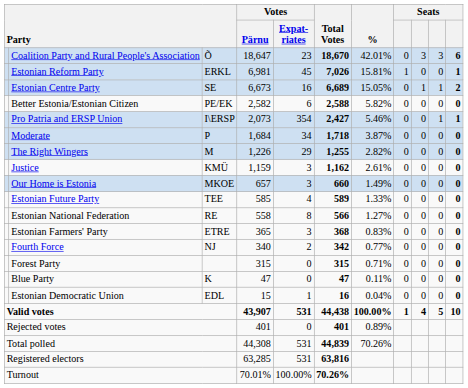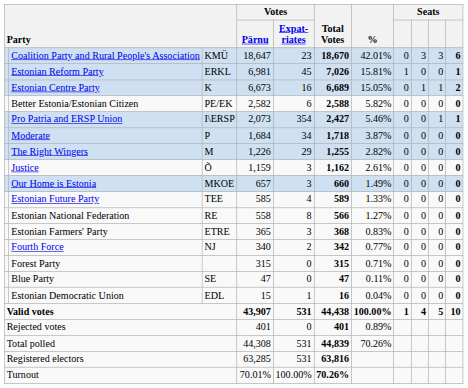 <table class="wikitable" border="1" style="text-align:right;">
 <tr>
 <th style="text-align:left;" valign=bottom rowspan=2 colspan=3>Party</th>
 <th colspan=2>Votes</th>
 <th align=center valign=bottom rowspan=2 width="50">Total Votes</th>
 <th align=center valign=bottom rowspan=2 width="50">%</th>
 <th colspan=4>Seats</th>
 </tr>
 <tr>
 <th align=center valign=bottom width="50"><a href='#'>Pärnu</a></th>
 <th align=center valign=bottom width="50"><a href='#'>Expat- riates</a></th>
 <th align=center valign=bottom width="20"><small></small></th>
 <th align=center valign=bottom width="20"><small></small></th>
 <th align=center valign=bottom width="20"><small></small></th>
 <th align=center valign=bottom width="20"><small></small></th>
 </tr>
 <tr style="background:#CEE0F2;">
 <td style="background:"></td>
 <td align=left><a href='#'>Coalition Party and Rural People's Association</a></td>
-<td align=left>Õ</td>
+<td align=left>KMÜ</td>
 <td>18,647</td>
 <td>23</td>
 <td><strong>18,670</strong></td>
 <td>42.01%</td>
 <td>0</td>
 <td>3</td>
 <td>3</td>
 <td><strong>6</strong></td>
 </tr>
 <tr style="background:#CEE0F2;">
 <td style="background:"></td>
 <td align=left><a href='#'>Estonian Reform Party</a></td>
 <td align=left>ERKL</td>
 <td>6,981</td>
 <td>45</td>
 <td><strong>7,026</strong></td>
 <td>15.81%</td>
 <td>1</td>
 <td>0</td>
 <td>0</td>
 <td><strong>1</strong></td>
 </tr>
 <tr style="background:#CEE0F2;">
 <td style="background:"></td>
 <td align=left><a href='#'>Estonian Centre Party</a></td>
-<td align=left>SE</td>
+<td align=left>K</td>
 <td>6,673</td>
 <td>16</td>
 <td><strong>6,689</strong></td>
 <td>15.05%</td>
 <td>0</td>
 <td>1</td>
 <td>1</td>
 <td><strong>2</strong></td>
 </tr>
 <tr>
 <td></td>
 <td align=left>Better Estonia/Estonian Citizen</td>
 <td align=left>PE/EK</td>
 <td>2,582</td>
 <td>6</td>
 <td><strong>2,588</strong></td>
 <td>5.82%</td>
 <td>0</td>
 <td>0</td>
 <td>0</td>
 <td><strong>0</strong></td>
 </tr>
 <tr style="background:#CEE0F2;">
 <td style="background:"></td>
 <td align=left><a href='#'>Pro Patria and ERSP Union</a></td>
 <td align=left>I\ERSP</td>
 <td>2,073</td>
 <td>354</td>
 <td><strong>2,427</strong></td>
 <td>5.46%</td>
 <td>0</td>
 <td>0</td>
 <td>1</td>
 <td><strong>1</strong></td>
 </tr>
 <tr style="background:#CEE0F2;">
 <td style="background:"></td>
 <td align=left><a href='#'>Moderate</a></td>
 <td align=left>P</td>
 <td>1,684</td>
 <td>34</td>
 <td><strong>1,718</strong></td>
 <td>3.87%</td>
 <td>0</td>
 <td>0</td>
 <td>0</td>
 <td><strong>0</strong></td>
 </tr>
 <tr style="background:#CEE0F2;">
 <td></td>
 <td align=left><a href='#'>The Right Wingers</a></td>
 <td align=left>M</td>
 <td>1,226</td>
 <td>29</td>
 <td><strong>1,255</strong></td>
 <td>2.82%</td>
 <td>0</td>
 <td>0</td>
 <td>0</td>
 <td><strong>0</strong></td>
 </tr>
 <tr>
 <td style="background:"></td>
 <td align=left><a href='#'>Justice</a></td>
-<td align=left>KMÜ</td>
+<td align=left>Õ</td>
 <td>1,159</td>
 <td>3</td>
 <td><strong>1,162</strong></td>
 <td>2.61%</td>
 <td>0</td>
 <td>0</td>
 <td>0</td>
 <td><strong>0</strong></td>
 </tr>
 <tr style="background:#CEE0F2;">
 <td style="background:"></td>
 <td align=left><a href='#'>Our Home is Estonia</a></td>
 <td align=left>MKOE</td>
 <td>657</td>
 <td>3</td>
 <td><strong>660</strong></td>
 <td>1.49%</td>
 <td>0</td>
 <td>0</td>
 <td>0</td>
 <td><strong>0</strong></td>
 </tr>
 <tr>
 <td style="background:"></td>
 <td align=left><a href='#'>Estonian Future Party</a></td>
 <td align=left>TEE</td>
 <td>585</td>
 <td>4</td>
 <td><strong>589</strong></td>
 <td>1.33%</td>
 <td>0</td>
 <td>0</td>
 <td>0</td>
 <td><strong>0</strong></td>
 </tr>
 <tr>
 <td></td>
 <td align=left>Estonian National Federation</td>
 <td align=left>RE</td>
 <td>558</td>
 <td>8</td>
 <td><strong>566</strong></td>
 <td>1.27%</td>
 <td>0</td>
 <td>0</td>
 <td>0</td>
 <td><strong>0</strong></td>
 </tr>
 <tr>
 <td></td>
 <td align=left>Estonian Farmers' Party</td>
 <td align=left>ETRE</td>
 <td>365</td>
 <td>3</td>
 <td><strong>368</strong></td>
 <td>0.83%</td>
 <td>0</td>
 <td>0</td>
 <td>0</td>
 <td><strong>0</strong></td>
 </tr>
 <tr>
 <td style="background:"></td>
 <td align=left><a href='#'>Fourth Force</a></td>
 <td align=left>NJ</td>
 <td>340</td>
 <td>2</td>
 <td><strong>342</strong></td>
 <td>0.77%</td>
 <td>0</td>
 <td>0</td>
 <td>0</td>
 <td><strong>0</strong></td>
 </tr>
 <tr>
 <td></td>
 <td align=left>Forest Party</td>
 <td></td>
 <td>315</td>
 <td>0</td>
 <td><strong>315</strong></td>
 <td>0.71%</td>
 <td>0</td>
 <td>0</td>
 <td>0</td>
 <td><strong>0</strong></td>
 </tr>
 <tr>
 <td></td>
 <td align=left>Blue Party</td>
-<td align=left>K</td>
+<td align=left>SE</td>
 <td>47</td>
 <td>0</td>
 <td><strong>47</strong></td>
 <td>0.11%</td>
 <td>0</td>
 <td>0</td>
 <td>0</td>
 <td><strong>0</strong></td>
 </tr>
 <tr>
 <td></td>
 <td align=left>Estonian Democratic Union</td>
 <td align=left>EDL</td>
 <td>15</td>
 <td>1</td>
 <td><strong>16</strong></td>
 <td>0.04%</td>
 <td>0</td>
 <td>0</td>
 <td>0</td>
 <td><strong>0</strong></td>
 </tr>
 <tr style="font-weight:bold">
 <td align=left colspan=3>Valid votes</td>
 <td>43,907</td>
 <td>531</td>
 <td>44,438</td>
 <td>100.00%</td>
 <td>1</td>
 <td>4</td>
 <td>5</td>
 <td>10</td>
 </tr>
 <tr>
 <td align=left colspan=3>Rejected votes</td>
 <td>401</td>
 <td>0</td>
 <td><strong>401</strong></td>
 <td>0.89%</td>
 <td></td>
 <td></td>
 <td></td>
 <td></td>
 </tr>
 <tr>
 <td align=left colspan=3>Total polled</td>
 <td>44,308</td>
 <td>531</td>
 <td><strong>44,839</strong></td>
 <td>70.26%</td>
 <td></td>
 <td></td>
 <td></td>
 <td></td>
 </tr>
 <tr>
 <td align=left colspan=3>Registered electors</td>
 <td>63,285</td>
 <td>531</td>
 <td><strong>63,816</strong></td>
 <td></td>
 <td></td>
 <td></td>
 <td></td>
 <td></td>
 </tr>
 <tr>
 <td align=left colspan=3>Turnout</td>
 <td>70.01%</td>
 <td>100.00%</td>
 <td><strong>70.26%</strong></td>
 <td></td>
 <td></td>
 <td></td>
 <td></td>
 <td></td>
 </tr>
 </table>
